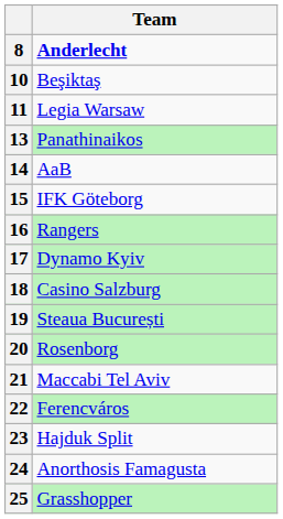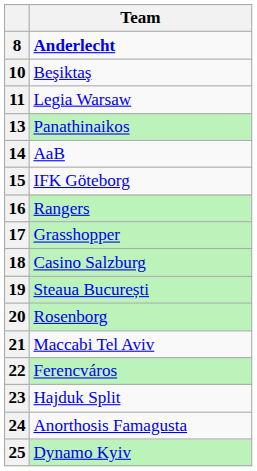 <table class="wikitable">
 <tr>
 <th></th>
 <th width=200>Team</th>
 </tr>
 <tr>
 <th>8</th>
 <td><strong> <a href='#'>Anderlecht</a></strong></td>
 </tr>
 <tr>
 <th>10</th>
 <td> <a href='#'>Beşiktaş</a></td>
 </tr>
 <tr>
 <th>11</th>
 <td> <a href='#'>Legia Warsaw</a></td>
 </tr>
 <tr bgcolor=#BBF3BB>
 <th>13</th>
 <td> <a href='#'>Panathinaikos</a></td>
 </tr>
 <tr>
 <th>14</th>
 <td> <a href='#'>AaB</a></td>
 </tr>
 <tr>
 <th>15</th>
 <td> <a href='#'>IFK Göteborg</a></td>
 </tr>
 <tr bgcolor=#BBF3BB>
 <th>16</th>
 <td> <a href='#'>Rangers</a></td>
 </tr>
 <tr bgcolor=#BBF3BB>
 <th>17</th>
-<td> <a href='#'>Dynamo Kyiv</a></td>
+<td> <a href='#'>Grasshopper</a></td>
 </tr>
 <tr bgcolor=#BBF3BB>
 <th>18</th>
 <td> <a href='#'>Casino Salzburg</a></td>
 </tr>
 <tr bgcolor=#BBF3BB>
 <th>19</th>
 <td> <a href='#'>Steaua București</a></td>
 </tr>
 <tr bgcolor=#BBF3BB>
 <th>20</th>
 <td> <a href='#'>Rosenborg</a></td>
 </tr>
 <tr>
 <th>21</th>
 <td> <a href='#'>Maccabi Tel Aviv</a></td>
 </tr>
 <tr bgcolor=#BBF3BB>
 <th>22</th>
 <td> <a href='#'>Ferencváros</a></td>
 </tr>
 <tr>
 <th>23</th>
 <td> <a href='#'>Hajduk Split</a></td>
 </tr>
 <tr>
 <th>24</th>
 <td> <a href='#'>Anorthosis Famagusta</a></td>
 </tr>
 <tr bgcolor=#BBF3BB>
 <th>25</th>
-<td> <a href='#'>Grasshopper</a></td>
+<td> <a href='#'>Dynamo Kyiv</a></td>
 </tr>
 </table>
